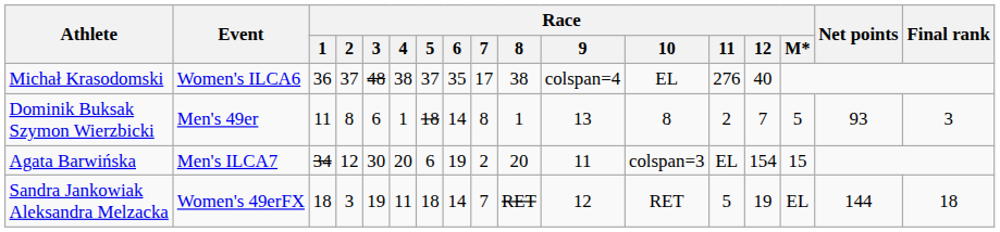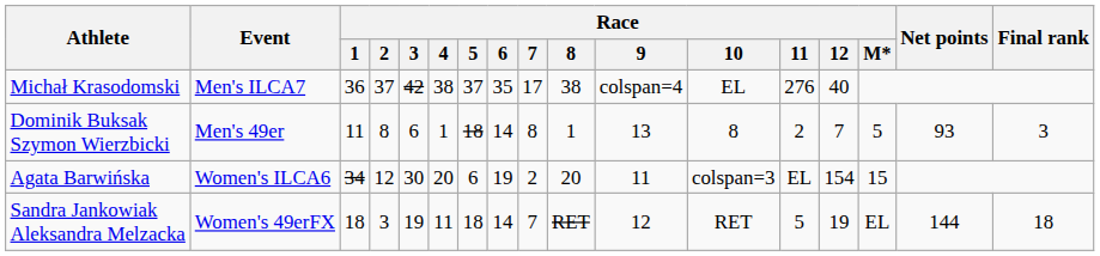 <table class="wikitable" style="font-size:90%">
 <tr>
 <th rowspan=2>Athlete</th>
 <th rowspan=2>Event</th>
 <th colspan=13>Race</th>
 <th rowspan=2>Net points</th>
 <th rowspan=2>Final rank</th>
 </tr>
 <tr style="font-size:95%">
 <th>1</th>
 <th>2</th>
 <th>3</th>
 <th>4</th>
 <th>5</th>
 <th>6</th>
 <th>7</th>
 <th>8</th>
 <th>9</th>
 <th>10</th>
 <th>11</th>
 <th>12</th>
 <th>M*</th>
 </tr>
 <tr align=center>
 <td align=left><a href='#'>Michał Krasodomski</a></td>
-<td align=left><a href='#'>Women's ILCA6</a></td>
+<td align=left><a href='#'>Men's ILCA7</a></td>
 <td>36</td>
 <td>37</td>
-<td><s>48</s></td>
+<td><s>42</s></td>
 <td>38</td>
 <td>37</td>
 <td>35</td>
 <td>17</td>
 <td>38</td>
 <td>colspan=4 </td>
 <td>EL</td>
 <td>276</td>
 <td>40</td>
 </tr>
 <tr align=center>
 <td align=left><a href='#'>Dominik Buksak</a><br><a href='#'>Szymon Wierzbicki</a></td>
 <td align=left><a href='#'>Men's 49er</a></td>
 <td>11</td>
 <td>8</td>
 <td>6</td>
 <td>1</td>
 <td><s>18</s></td>
 <td>14</td>
 <td>8</td>
 <td>1</td>
 <td>13</td>
 <td>8</td>
 <td>2</td>
 <td>7</td>
 <td>5</td>
 <td>93</td>
 <td>3</td>
 </tr>
 <tr align=center>
 <td align=left><a href='#'>Agata Barwińska</a></td>
-<td align=left><a href='#'>Men's ILCA7</a></td>
+<td align=left><a href='#'>Women's ILCA6</a></td>
 <td><s>34</s></td>
 <td>12</td>
 <td>30</td>
 <td>20</td>
 <td>6</td>
 <td>19</td>
 <td>2</td>
 <td>20</td>
 <td>11</td>
 <td>colspan=3 </td>
 <td>EL</td>
 <td>154</td>
 <td>15</td>
 </tr>
 <tr align=center>
 <td align=left><a href='#'>Sandra Jankowiak</a><br><a href='#'>Aleksandra Melzacka</a></td>
 <td align=left><a href='#'>Women's 49erFX</a></td>
 <td>18</td>
 <td>3</td>
 <td>19</td>
 <td>11</td>
 <td>18</td>
 <td>14</td>
 <td>7</td>
 <td><s>RET</s></td>
 <td>12</td>
 <td>RET</td>
 <td>5</td>
 <td>19</td>
 <td>EL</td>
 <td>144</td>
 <td>18</td>
 </tr>
 </table>
